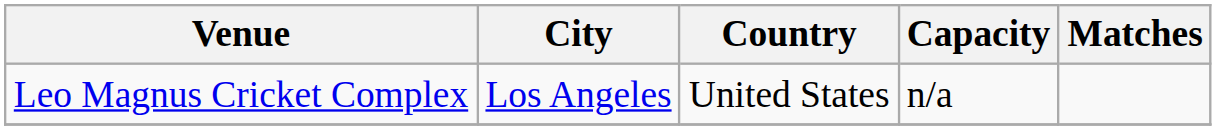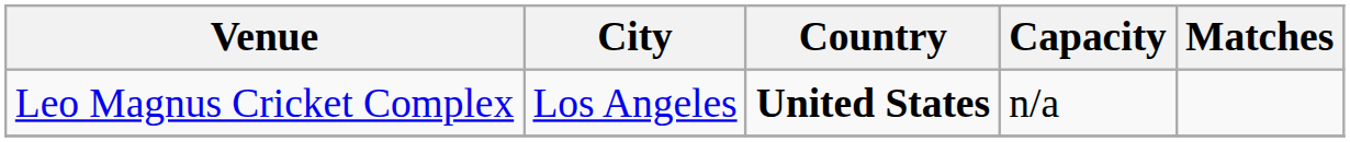 <table class="wikitable sortable">
 <tr>
 <th>Venue</th>
 <th>City</th>
 <th>Country</th>
 <th>Capacity</th>
 <th>Matches</th>
 </tr>
 <tr>
 <td><a href='#'>Leo Magnus Cricket Complex</a></td>
 <td><a href='#'>Los Angeles</a></td>
-<td>United States</td>
+<td><strong>United States</strong></td>
 <td>n/a</td>
 <td></td>
 </tr>
 <tr>
 </tr>
 </table>
